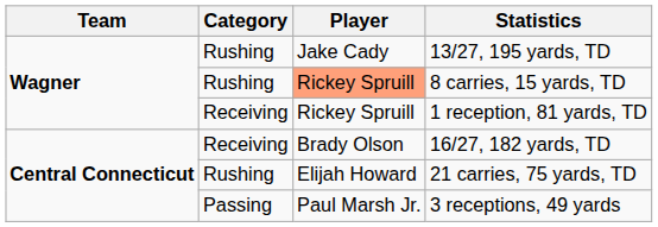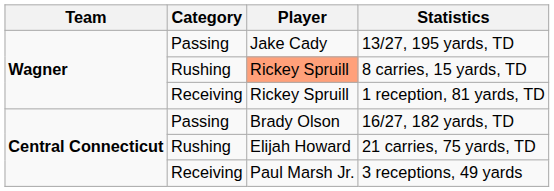 <table class="wikitable" style="float: right;">
 <tr>
 <th>Team</th>
 <th>Category</th>
 <th>Player</th>
 <th>Statistics</th>
 </tr>
 <tr>
 <td rowspan=3><strong>Wagner</strong></td>
-<td>Rushing</td>
+<td>Passing</td>
 <td>Jake Cady</td>
 <td>13/27, 195 yards, TD</td>
 </tr>
 <tr>
 <td>Rushing</td>
 <td style="background: lightsalmon;">Rickey Spruill</td>
 <td>8 carries, 15 yards, TD</td>
 </tr>
 <tr>
 <td>Receiving</td>
 <td>Rickey Spruill</td>
 <td>1 reception, 81 yards, TD</td>
 </tr>
 <tr>
 <td rowspan=3><strong>Central Connecticut</strong></td>
-<td>Receiving</td>
+<td>Passing</td>
 <td>Brady Olson</td>
 <td>16/27, 182 yards, TD</td>
 </tr>
 <tr>
 <td>Rushing</td>
 <td>Elijah Howard</td>
 <td>21 carries, 75 yards, TD</td>
 </tr>
 <tr>
-<td>Passing</td>
+<td>Receiving</td>
 <td>Paul Marsh Jr.</td>
 <td>3 receptions, 49 yards</td>
 </tr>
 </table>
